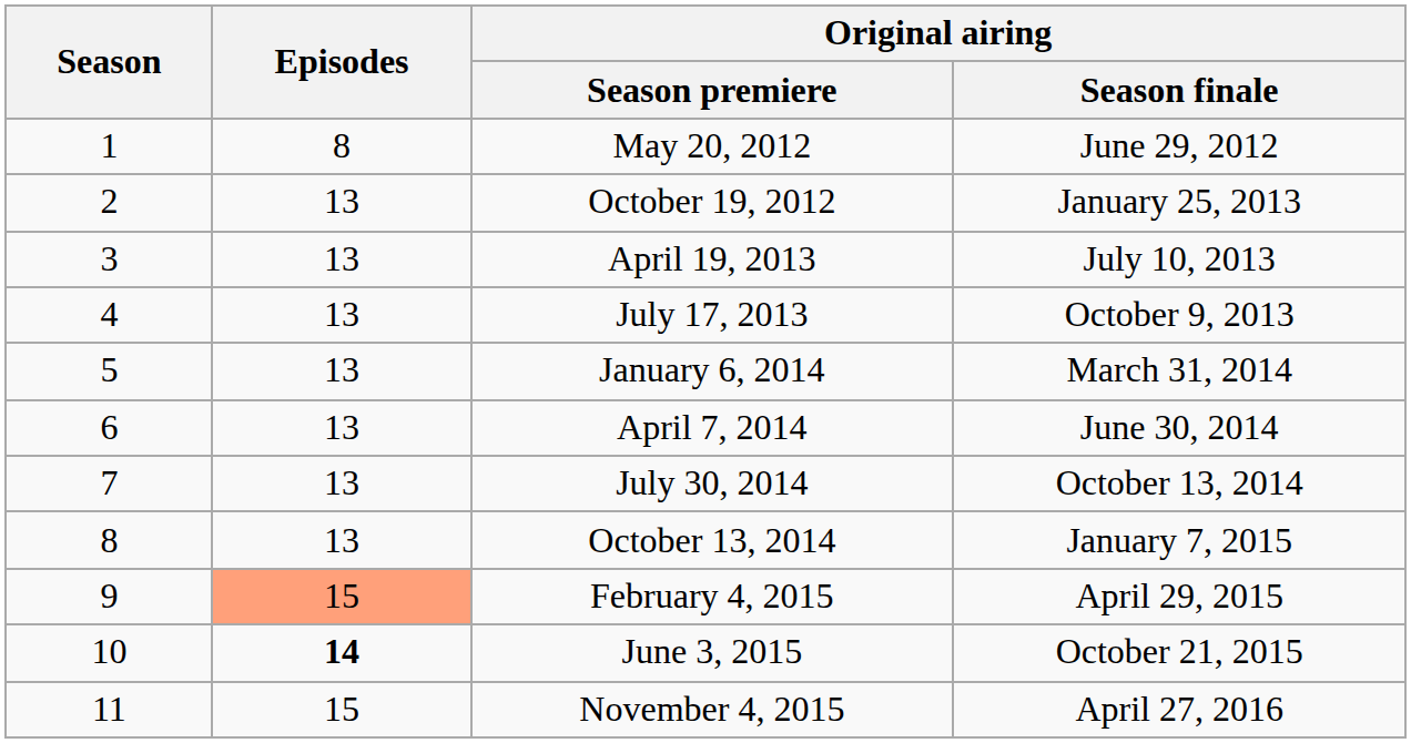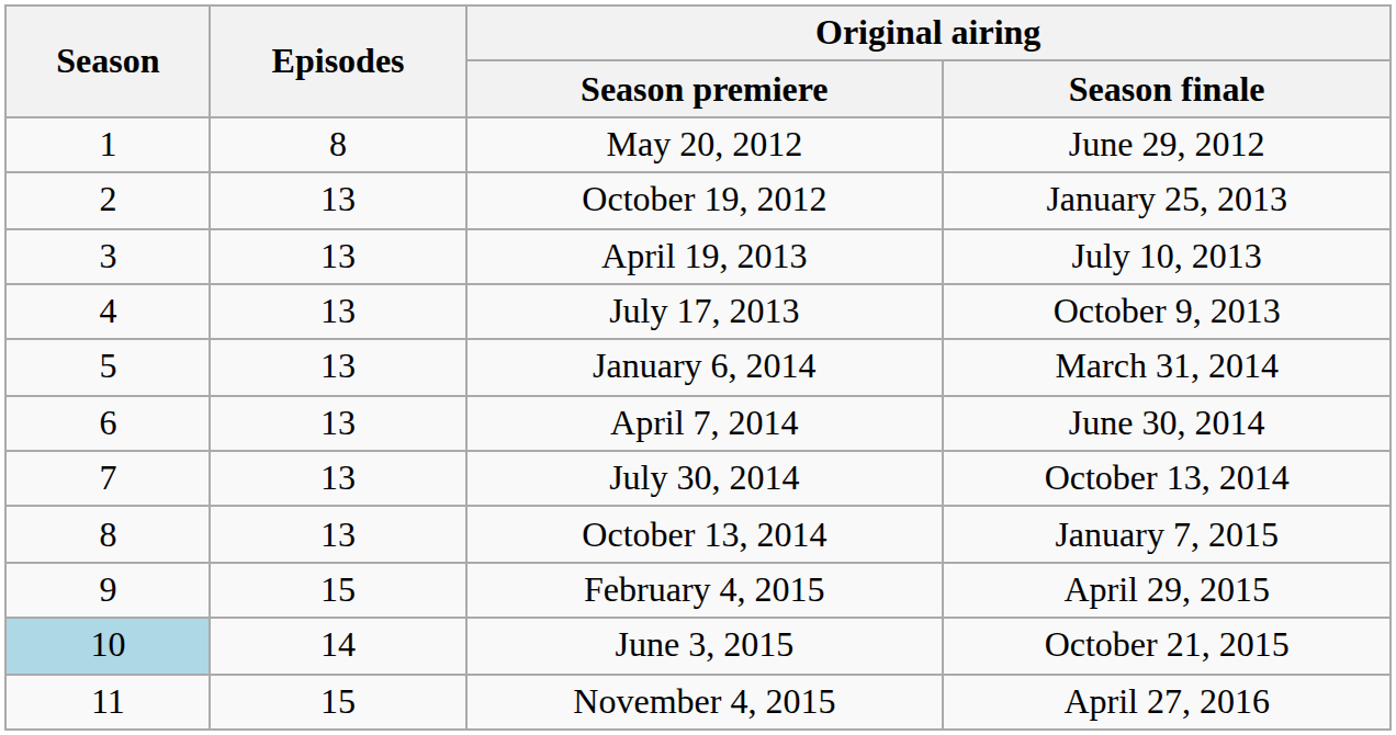 <table class="wikitable" style="width:50%">
 <tr>
 <th rowspan="2">Season</th>
 <th rowspan="2">Episodes</th>
 <th colspan="2">Original airing</th>
 </tr>
 <tr>
 <th>Season premiere</th>
 <th>Season finale</th>
 </tr>
 <tr>
 <td style="text-align:center">1</td>
 <td style="text-align:center">8</td>
 <td style="text-align:center">May 20, 2012</td>
 <td style="text-align:center">June 29, 2012</td>
 </tr>
 <tr>
 <td style="text-align:center">2</td>
 <td style="text-align:center">13</td>
 <td style="text-align:center">October 19, 2012</td>
 <td style="text-align:center">January 25, 2013</td>
 </tr>
 <tr>
 <td style="text-align:center">3</td>
 <td style="text-align:center">13</td>
 <td style="text-align:center">April 19, 2013</td>
 <td style="text-align:center">July 10, 2013</td>
 </tr>
 <tr>
 <td style="text-align:center">4</td>
 <td style="text-align:center">13</td>
 <td style="text-align:center">July 17, 2013</td>
 <td style="text-align:center">October 9, 2013</td>
 </tr>
 <tr>
 <td style="text-align:center">5</td>
 <td style="text-align:center">13</td>
 <td style="text-align:center">January 6, 2014</td>
 <td style="text-align:center">March 31, 2014</td>
 </tr>
 <tr>
 <td style="text-align:center">6</td>
 <td style="text-align:center">13</td>
 <td style="text-align:center">April 7, 2014</td>
 <td style="text-align:center">June 30, 2014</td>
 </tr>
 <tr>
 <td style="text-align:center">7</td>
 <td style="text-align:center">13</td>
 <td style="text-align:center">July 30, 2014</td>
 <td style="text-align:center">October 13, 2014</td>
 </tr>
 <tr>
 <td style="text-align:center">8</td>
 <td style="text-align:center">13</td>
 <td style="text-align:center">October 13, 2014</td>
 <td style="text-align:center">January 7, 2015</td>
 </tr>
 <tr>
 <td style="text-align:center">9</td>
-<td style="background: lightsalmon; text-align:center">15</td>
+<td style="text-align:center">15</td>
 <td style="text-align:center">February 4, 2015</td>
 <td style="text-align:center">April 29, 2015</td>
 </tr>
 <tr>
-<td style="text-align:center">10</td>
-<td style="text-align:center"><strong>14</strong></td>
+<td style="background: lightblue; text-align:center">10</td>
+<td style="text-align:center">14</td>
 <td style="text-align:center">June 3, 2015</td>
 <td style="text-align:center">October 21, 2015</td>
 </tr>
 <tr>
 <td style="text-align:center">11</td>
 <td style="text-align:center">15</td>
 <td style="text-align:center">November 4, 2015</td>
 <td style="text-align:center">April 27, 2016</td>
 </tr>
 </table>
